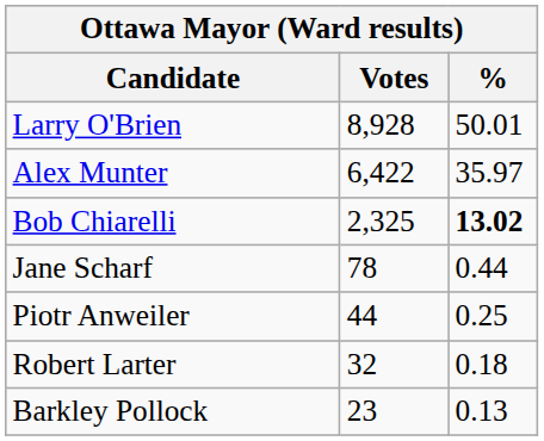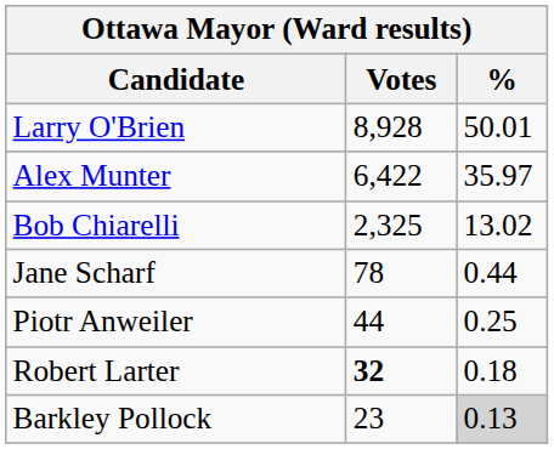 <table class="wikitable">
 <tr>
 <th colspan="3">Ottawa Mayor (Ward results)</th>
 </tr>
 <tr>
 <th style="width: 170px">Candidate</th>
 <th style="width: 50px">Votes</th>
 <th style="width: 40px">%</th>
 </tr>
 <tr>
 <td><a href='#'>Larry O'Brien</a></td>
 <td>8,928</td>
 <td>50.01</td>
 </tr>
 <tr>
 <td><a href='#'>Alex Munter</a></td>
 <td>6,422</td>
 <td>35.97</td>
 </tr>
 <tr>
 <td><a href='#'>Bob Chiarelli</a></td>
 <td>2,325</td>
-<td><strong>13.02</strong></td>
+<td>13.02</td>
 </tr>
 <tr>
 <td>Jane Scharf</td>
 <td>78</td>
 <td>0.44</td>
 </tr>
 <tr>
 <td>Piotr Anweiler</td>
 <td>44</td>
 <td>0.25</td>
 </tr>
 <tr>
 <td>Robert Larter</td>
-<td>32</td>
+<td><strong>32</strong></td>
 <td>0.18</td>
 </tr>
 <tr>
 <td>Barkley Pollock</td>
 <td>23</td>
-<td>0.13</td>
+<td style="background: lightgrey;">0.13</td>
 </tr>
 </table>
